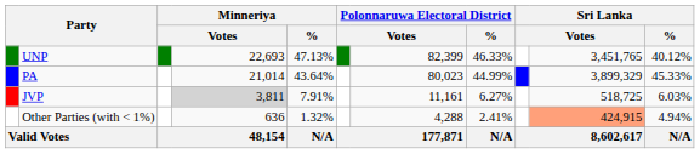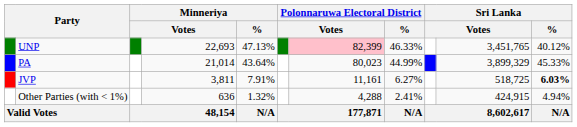 <table class="wikitable">
 <tr>
 <th colspan="2" width="144px"rowspan="2">Party</th>
 <th colspan="3" width="216px">Minneriya</th>
 <th colspan="3" width="216px"><a href='#'>Polonnaruwa Electoral District</a></th>
 <th colspan="3" width="216px">Sri Lanka</th>
 </tr>
 <tr>
 <th colspan="2" width="144px">Votes</th>
 <th>%</th>
 <th colspan="2" width="144px">Votes</th>
 <th>%</th>
 <th colspan="2" width="144px">Votes</th>
 <th>%</th>
 </tr>
 <tr>
 <td style="background-color:green;" width="10px"></td>
 <td style="text-align:left;"><a href='#'>UNP</a></td>
 <td style="background-color:green;" width="10px"></td>
 <td style="text-align:right;">22,693</td>
 <td style="text-align:right;">47.13%</td>
 <td style="background-color:green;" width="10px"></td>
-<td style="text-align:right;">82,399</td>
+<td style="background: pink; text-align:right;">82,399</td>
 <td style="text-align:right;">46.33%</td>
 <td style="background-color:white;" width="10px"></td>
 <td style="text-align:right;">3,451,765</td>
 <td style="text-align:right;">40.12%</td>
 </tr>
 <tr>
 <td style="background-color:blue;" width="10px"></td>
 <td style="text-align:left;"><a href='#'>PA</a></td>
 <td style="background-color:white;" width="10px"></td>
 <td style="text-align:right;">21,014</td>
 <td style="text-align:right;">43.64%</td>
 <td style="background-color:white;" width="10px"></td>
 <td style="text-align:right;">80,023</td>
 <td style="text-align:right;">44.99%</td>
 <td style="background-color:blue;" width="10px"></td>
 <td style="text-align:right;">3,899,329</td>
 <td style="text-align:right;">45.33%</td>
 </tr>
 <tr>
 <td style="background-color:red;" width="10px"></td>
 <td style="text-align:left;"><a href='#'>JVP</a></td>
 <td style="background-color:white;" width="10px"></td>
-<td style="background: lightgrey; text-align:right;">3,811</td>
+<td style="text-align:right;">3,811</td>
 <td style="text-align:right;">7.91%</td>
 <td style="background-color:white;" width="10px"></td>
 <td style="text-align:right;">11,161</td>
 <td style="text-align:right;">6.27%</td>
 <td style="background-color:white;" width="10px"></td>
 <td style="text-align:right;">518,725</td>
-<td style="text-align:right;">6.03%</td>
+<td style="text-align:right;"><strong>6.03%</strong></td>
 </tr>
 <tr>
 <td style="background-color:white;" width="10px"></td>
 <td style="text-align:left;">Other Parties (with < 1%)</td>
 <td style="background-color:white;" width="10px"></td>
 <td style="text-align:right;">636</td>
 <td style="text-align:right;">1.32%</td>
 <td style="background-color:white;" width="10px"></td>
 <td style="text-align:right;">4,288</td>
 <td style="text-align:right;">2.41%</td>
 <td style="background-color:white;" width="10px"></td>
-<td style="background: lightsalmon; text-align:right;">424,915</td>
+<td style="text-align:right;">424,915</td>
 <td style="text-align:right;">4.94%</td>
 </tr>
 <tr>
 <th colspan="2" width="144px"style="text-align:left;">Valid Votes</th>
 <th style="text-align:right;"colspan="2" width="144px">48,154</th>
 <th style="text-align:right;">N/A</th>
 <th style="text-align:right;"colspan="2" width="144px">177,871</th>
 <th style="text-align:right;">N/A</th>
 <th style="text-align:right;"colspan="2" width="144px">8,602,617</th>
 <th style="text-align:right;">N/A</th>
 </tr>
 </table>
